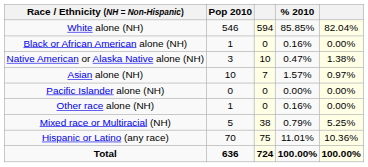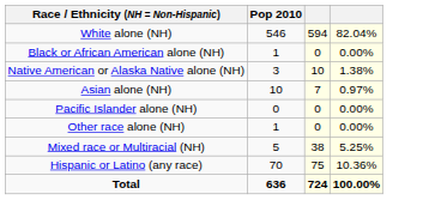 <table class="wikitable" style="text-align:center;">
 <tr>
 <th>Race / Ethnicity <small>(<em>NH = Non-Hispanic</em>)</small></th>
 <th>Pop 2010</th>
 <th></th>
-<th>% 2010</th>
 <th></th>
 </tr>
 <tr>
 <td><a href='#'>White</a> alone (NH)</td>
 <td>546</td>
 <td style='background: #ffffe6;'>594</td>
-<td>85.85%</td>
 <td style='background: #ffffe6;'>82.04%</td>
 </tr>
 <tr>
 <td><a href='#'>Black or African American</a> alone (NH)</td>
 <td>1</td>
 <td style='background: #ffffe6;'>0</td>
-<td>0.16%</td>
 <td style='background: #ffffe6;'>0.00%</td>
 </tr>
 <tr>
 <td><a href='#'>Native American</a> or <a href='#'>Alaska Native</a> alone (NH)</td>
 <td>3</td>
 <td style='background: #ffffe6;'>10</td>
-<td>0.47%</td>
 <td style='background: #ffffe6;'>1.38%</td>
 </tr>
 <tr>
 <td><a href='#'>Asian</a> alone (NH)</td>
 <td>10</td>
 <td style='background: #ffffe6;'>7</td>
-<td>1.57%</td>
 <td style='background: #ffffe6;'>0.97%</td>
 </tr>
 <tr>
 <td><a href='#'>Pacific Islander</a> alone (NH)</td>
 <td>0</td>
 <td style='background: #ffffe6;'>0</td>
-<td>0.00%</td>
 <td style='background: #ffffe6;'>0.00%</td>
 </tr>
 <tr>
 <td><a href='#'>Other race</a> alone (NH)</td>
 <td>1</td>
 <td style='background: #ffffe6;'>0</td>
-<td>0.16%</td>
 <td style='background: #ffffe6;'>0.00%</td>
 </tr>
 <tr>
 <td><a href='#'>Mixed race or Multiracial</a> (NH)</td>
 <td>5</td>
 <td style='background: #ffffe6;'>38</td>
-<td>0.79%</td>
 <td style='background: #ffffe6;'>5.25%</td>
 </tr>
 <tr>
 <td><a href='#'>Hispanic or Latino</a> (any race)</td>
 <td>70</td>
 <td style='background: #ffffe6;'>75</td>
-<td>11.01%</td>
 <td style='background: #ffffe6;'>10.36%</td>
 </tr>
 <tr>
 <td><strong>Total</strong></td>
 <td><strong>636</strong></td>
 <td style='background: #ffffe6;'><strong>724</strong></td>
-<td><strong>100.00%</strong></td>
 <td style='background: #ffffe6;'><strong>100.00%</strong></td>
 </tr>
 </table>
